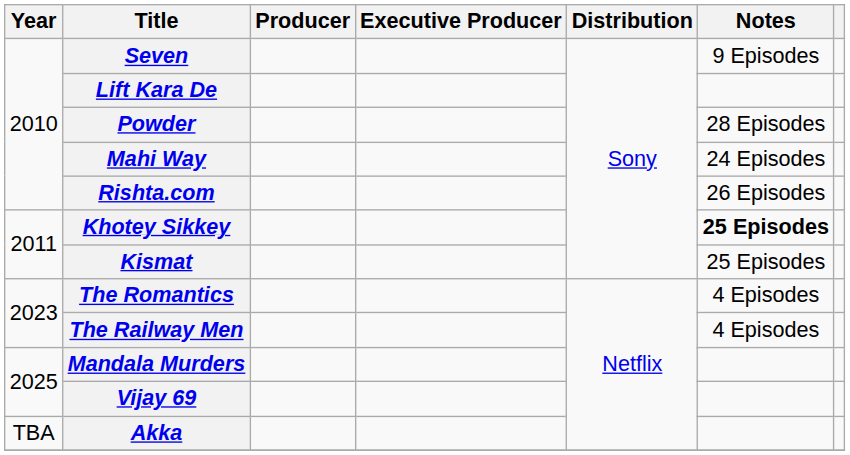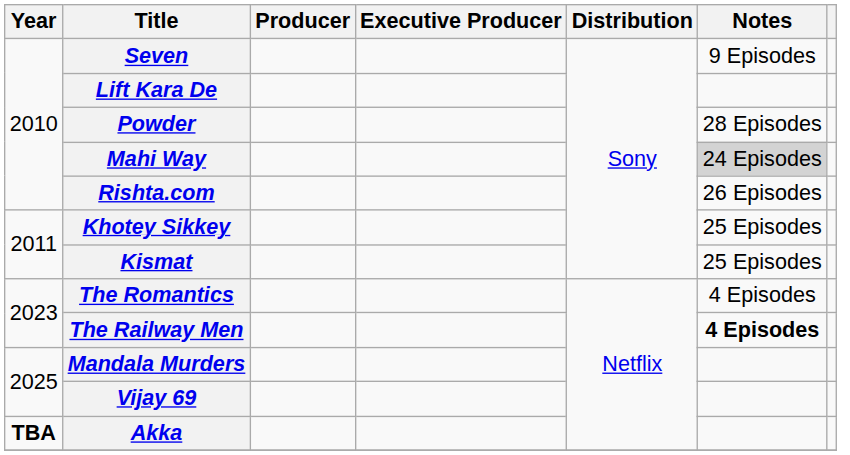 <table class="wikitable sortable plainrowheaders" style="text-align:center;">
 <tr>
 <th scope="col">Year</th>
 <th scope="col">Title</th>
 <th scope="col">Producer</th>
 <th scope="col">Executive Producer</th>
 <th scope="col">Distribution</th>
 <th scope="col" class="unsortable">Notes</th>
 <th scope="col" class="unsortable"></th>
 </tr>
 <tr>
 <td rowspan="5" style="text-align:center;">2010</td>
 <th scope="row"><em><a href='#'>Seven</a></em></th>
 <td></td>
 <td></td>
 <td rowspan="7" style="text-align:center;"><a href='#'>Sony</a></td>
 <td>9 Episodes</td>
 <td></td>
 </tr>
 <tr>
 <th scope="row"><em><a href='#'>Lift Kara De</a></em></th>
 <td></td>
 <td></td>
 <td></td>
 <td></td>
 </tr>
 <tr>
 <th scope="row"><em><a href='#'>Powder</a></em></th>
 <td></td>
 <td></td>
 <td>28 Episodes</td>
 <td></td>
 </tr>
 <tr>
 <th scope="row"><em><a href='#'>Mahi Way</a></em></th>
 <td></td>
 <td></td>
-<td>24 Episodes</td>
+<td style="background: lightgrey;">24 Episodes</td>
 <td></td>
 </tr>
 <tr>
 <th scope="row"><em><a href='#'>Rishta.com</a></em></th>
 <td></td>
 <td></td>
 <td>26 Episodes</td>
 <td></td>
 </tr>
 <tr>
 <td rowspan="2" style="text-align:center;">2011</td>
 <th scope="row"><em><a href='#'>Khotey Sikkey</a></em></th>
 <td></td>
 <td></td>
-<td><strong>25 Episodes</strong></td>
+<td>25 Episodes</td>
 <td></td>
 </tr>
 <tr>
 <th scope="row"><em><a href='#'>Kismat</a></em></th>
 <td></td>
 <td></td>
 <td>25 Episodes</td>
 <td></td>
 </tr>
 <tr>
 <td rowspan="2" style="text-align:center;">2023</td>
 <th scope="row"><em><a href='#'>The Romantics</a></em></th>
 <td></td>
 <td></td>
 <td rowspan="5" style="text-align:center;"><a href='#'>Netflix</a></td>
 <td>4 Episodes</td>
 <td></td>
 </tr>
 <tr>
 <th scope="row"><em><a href='#'>The Railway Men</a></em></th>
 <td></td>
 <td></td>
-<td>4 Episodes</td>
+<td><strong>4 Episodes</strong></td>
 <td></td>
 </tr>
 <tr>
 <td rowspan="2" style="text-align:center;">2025</td>
 <th scope="row"><em><a href='#'>Mandala Murders</a></em></th>
 <td></td>
 <td></td>
 <td></td>
 <td></td>
 </tr>
 <tr>
 <th scope="row"><em><a href='#'>Vijay 69</a></em></th>
 <td></td>
 <td></td>
 <td></td>
 <td></td>
 </tr>
 <tr>
-<td style="text-align:center;">TBA</td>
+<td style="text-align:center;"><strong>TBA</strong></td>
 <th scope="row"><em><a href='#'>Akka</a></em></th>
 <td></td>
 <td></td>
 <td></td>
 <td></td>
 </tr>
 <tr>
 </tr>
 </table>
